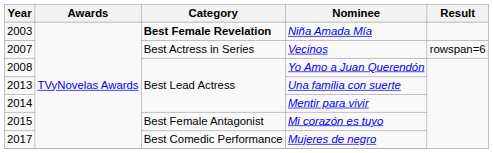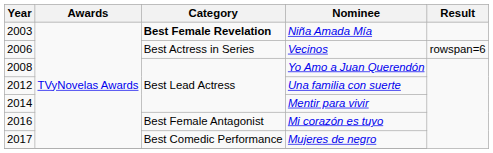 <table class="wikitable">
 <tr style="background:#CCCCCC;">
 <th>Year</th>
 <th>Awards</th>
 <th>Category</th>
 <th>Nominee</th>
 <th>Result</th>
 </tr>
 <tr>
 <td>2003</td>
 <td rowspan=7><a href='#'>TVyNovelas Awards</a></td>
 <td><strong>Best Female Revelation</strong></td>
 <td><em><a href='#'>Niña Amada Mía</a></em></td>
 <td></td>
 </tr>
 <tr>
-<td>2007</td>
+<td>2006</td>
 <td>Best Actress in Series</td>
 <td><em><a href='#'>Vecinos</a></em></td>
 <td>rowspan=6 </td>
 </tr>
 <tr>
 <td>2008</td>
 <td rowspan=3>Best Lead Actress</td>
 <td><em><a href='#'>Yo Amo a Juan Querendón</a></em></td>
 </tr>
 <tr>
-<td>2013</td>
+<td>2012</td>
 <td><em><a href='#'>Una familia con suerte</a></em></td>
 </tr>
 <tr>
 <td>2014</td>
 <td><em><a href='#'>Mentir para vivir</a></em></td>
 </tr>
 <tr>
-<td>2015</td>
+<td>2016</td>
 <td>Best Female Antagonist</td>
 <td><em><a href='#'>Mi corazón es tuyo</a></em></td>
 </tr>
 <tr>
 <td>2017</td>
 <td>Best Comedic Performance</td>
 <td><em><a href='#'>Mujeres de negro</a></em></td>
 </tr>
 <tr>
 </tr>
 </table>
